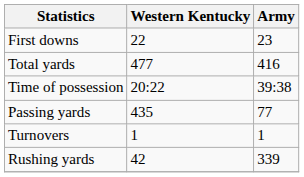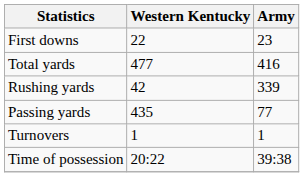 <table class="wikitable">
 <tr>
 <th>Statistics</th>
 <th>Western Kentucky</th>
 <th>Army</th>
 </tr>
 <tr>
 <td>First downs</td>
 <td>22</td>
 <td>23</td>
 </tr>
 <tr>
 <td>Total yards</td>
 <td>477</td>
 <td>416</td>
 </tr>
 <tr>
-<td>Time of possession</td>
-<td>20:22</td>
-<td>39:38</td>
+<td>Rushing yards</td>
+<td>42</td>
+<td>339</td>
 </tr>
 <tr>
 <td>Passing yards</td>
 <td>435</td>
 <td>77</td>
 </tr>
 <tr>
 <td>Turnovers</td>
 <td>1</td>
 <td>1</td>
 </tr>
 <tr>
-<td>Rushing yards</td>
-<td>42</td>
-<td>339</td>
+<td>Time of possession</td>
+<td>20:22</td>
+<td>39:38</td>
 </tr>
 <tr>
 </tr>
 </table>
